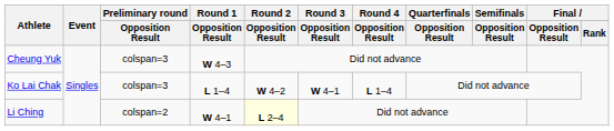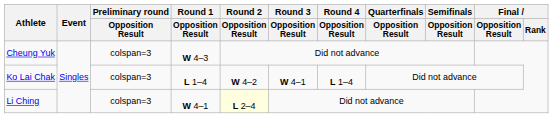 <table class="wikitable" style="font-size:90%">
 <tr>
 <th rowspan="2">Athlete</th>
 <th rowspan="2">Event</th>
 <th>Preliminary round</th>
 <th>Round 1</th>
 <th>Round 2</th>
 <th>Round 3</th>
 <th>Round 4</th>
 <th>Quarterfinals</th>
 <th>Semifinals</th>
 <th colspan=2>Final / </th>
 </tr>
 <tr style="font-size:95%">
 <th>Opposition<br>Result</th>
 <th>Opposition<br>Result</th>
 <th>Opposition<br>Result</th>
 <th>Opposition<br>Result</th>
 <th>Opposition<br>Result</th>
 <th>Opposition<br>Result</th>
 <th>Opposition<br>Result</th>
 <th>Opposition<br>Result</th>
 <th>Rank</th>
 </tr>
 <tr align=center>
 <td align=left><a href='#'>Cheung Yuk</a></td>
 <td align=left rowspan=3><a href='#'>Singles</a></td>
 <td>colspan=3 </td>
 <td><br><strong>W</strong> 4–3</td>
 <td colspan=5>Did not advance</td>
 </tr>
 <tr align=center>
 <td align=left><a href='#'>Ko Lai Chak</a></td>
 <td>colspan=3 </td>
 <td><br><strong>L</strong> 1–4</td>
 <td><br><strong>W</strong> 4–2</td>
 <td><br><strong>W</strong> 4–1</td>
 <td><br><strong>L</strong> 1–4</td>
 <td colspan=3>Did not advance</td>
 </tr>
 <tr align=center>
 <td align=left><a href='#'>Li Ching</a></td>
-<td>colspan=2 </td>
+<td>colspan=3 </td>
 <td><br><strong>W</strong> 4–1</td>
 <td style="background: lightyellow;"><br><strong>L</strong> 2–4</td>
 <td colspan=4>Did not advance</td>
 </tr>
 </table>
